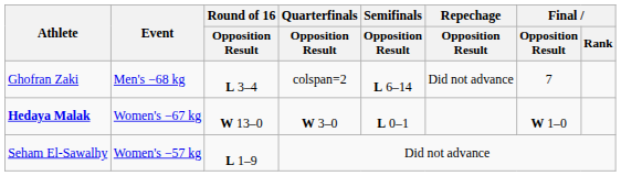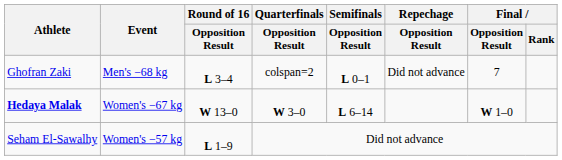 <table class="wikitable" style="font-size:90%;">
 <tr>
 <th rowspan=2>Athlete</th>
 <th rowspan=2>Event</th>
 <th>Round of 16</th>
 <th>Quarterfinals</th>
 <th>Semifinals</th>
 <th>Repechage</th>
 <th colspan=2>Final / </th>
 </tr>
 <tr style="font-size:95%">
 <th>Opposition<br>Result</th>
 <th>Opposition<br>Result</th>
 <th>Opposition<br>Result</th>
 <th>Opposition<br>Result</th>
 <th>Opposition<br>Result</th>
 <th>Rank</th>
 </tr>
 <tr align=center>
 <td align=left><a href='#'>Ghofran Zaki</a></td>
 <td align=left><a href='#'>Men's −68 kg</a></td>
 <td><br><strong>L</strong> 3–4</td>
 <td>colspan=2 </td>
-<td><br><strong>L</strong> 6–14</td>
+<td><br><strong>L</strong> 0–1 </td>
 <td>Did not advance</td>
 <td>7</td>
 </tr>
 <tr align=center>
 <td align=left><strong><a href='#'>Hedaya Malak</a></strong></td>
 <td align=left><a href='#'>Women's −67 kg</a></td>
 <td><br><strong>W</strong> 13–0 </td>
 <td><br><strong>W</strong> 3–0 </td>
-<td><br><strong>L</strong> 0–1 </td>
+<td><br><strong>L</strong> 6–14</td>
 <td></td>
 <td><br><strong>W</strong> 1–0 </td>
 <td></td>
 </tr>
 <tr align=center>
 <td align=left><a href='#'>Seham El-Sawalhy</a></td>
 <td align=left><a href='#'>Women's −57 kg</a></td>
 <td><br><strong>L</strong> 1–9</td>
 <td colspan=5>Did not advance</td>
 </tr>
 </table>
